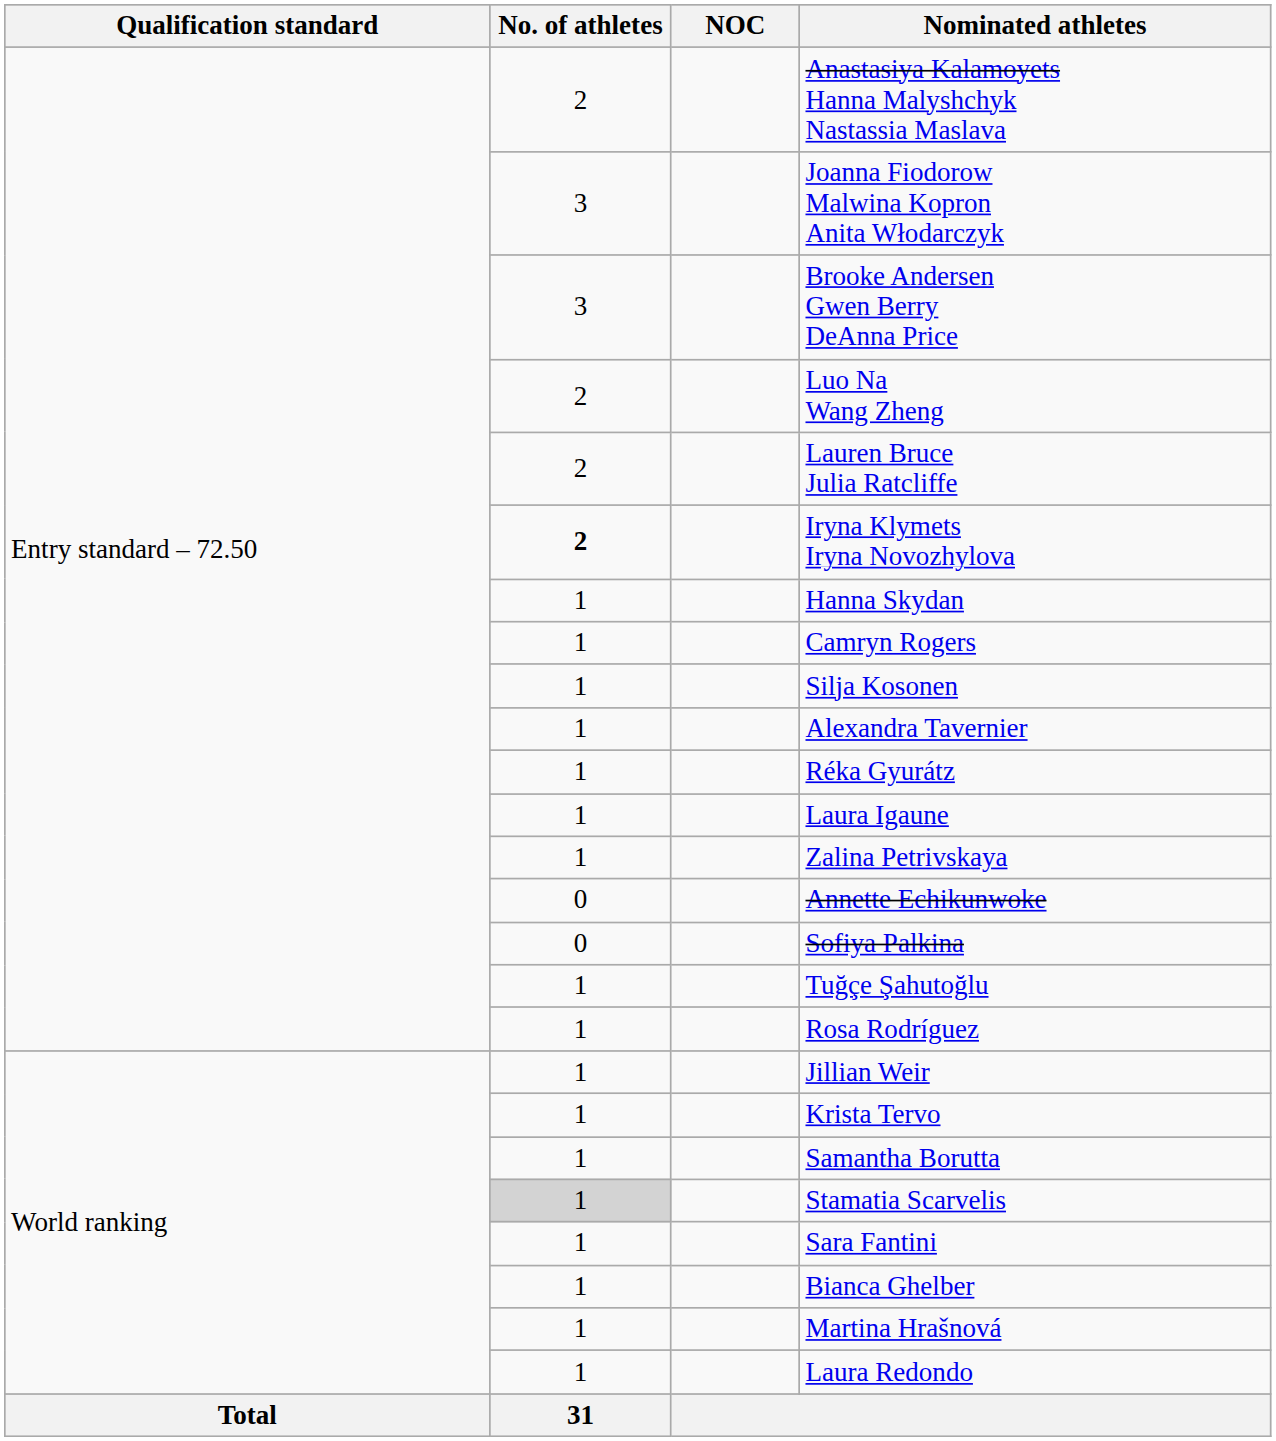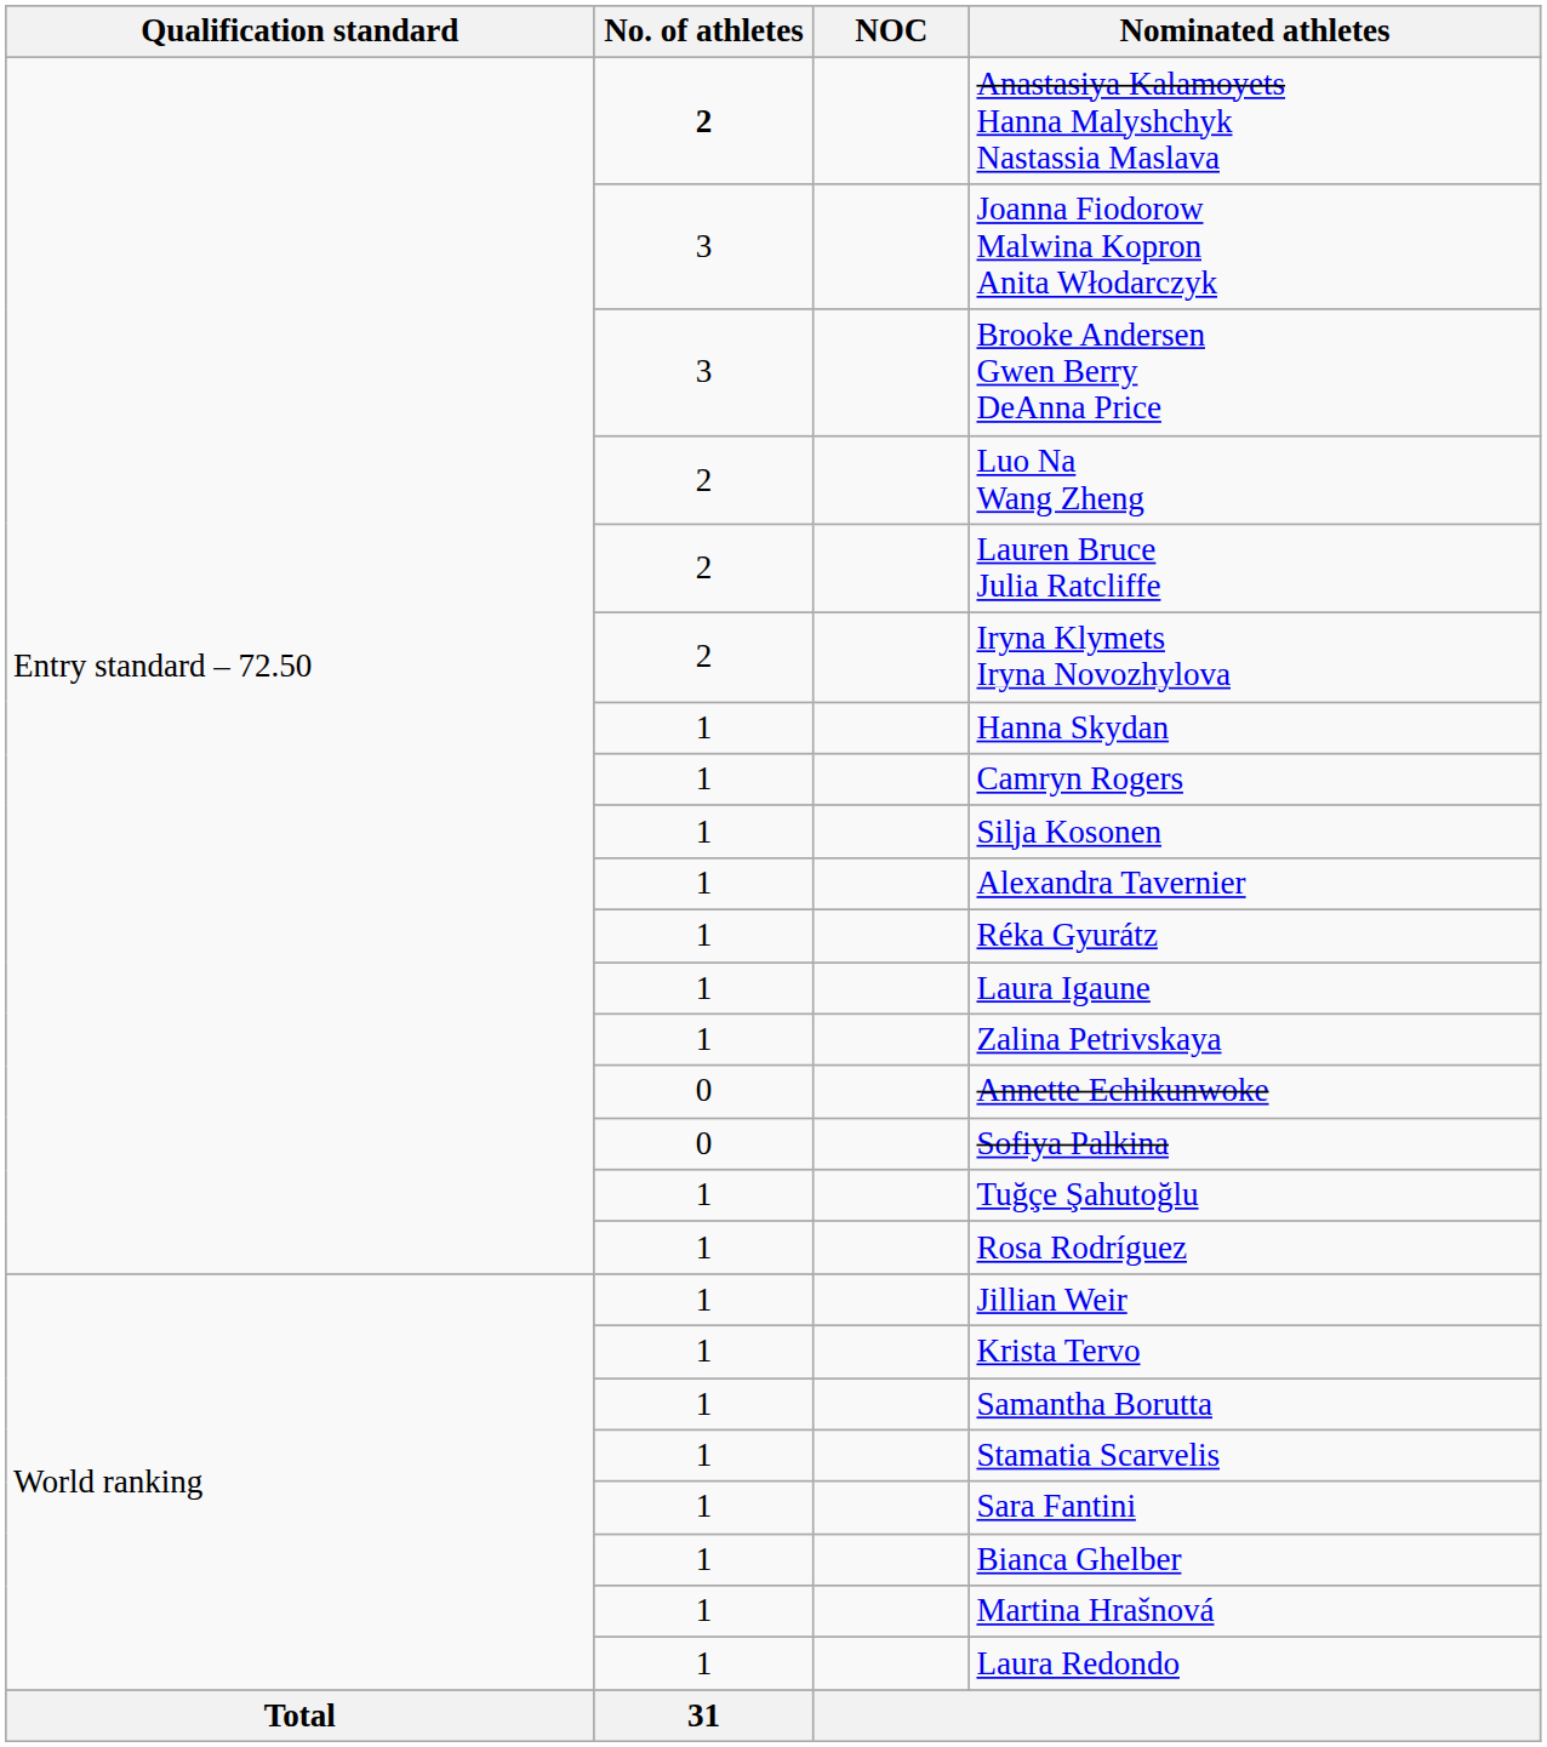 <table class="wikitable" style="text-align:left; width:750px;">
 <tr>
 <th>Qualification standard</th>
 <th width=100>No. of athletes</th>
 <th>NOC</th>
 <th>Nominated athletes</th>
 </tr>
 <tr>
 <td rowspan=17>Entry standard – 72.50</td>
-<td align=center>2</td>
+<td align=center><strong>2</strong></td>
 <td></td>
 <td><s><a href='#'>Anastasiya Kalamoyets</a></s><br><a href='#'>Hanna Malyshchyk</a><br><a href='#'>Nastassia Maslava</a></td>
 </tr>
 <tr>
 <td align=center>3</td>
 <td></td>
 <td><a href='#'>Joanna Fiodorow</a><br><a href='#'>Malwina Kopron</a><br><a href='#'>Anita Włodarczyk</a></td>
 </tr>
 <tr>
 <td align="center">3</td>
 <td></td>
 <td><a href='#'>Brooke Andersen</a><br><a href='#'>Gwen Berry</a><br><a href='#'>DeAnna Price</a></td>
 </tr>
 <tr>
 <td align=center>2</td>
 <td></td>
 <td><a href='#'>Luo Na</a><br><a href='#'>Wang Zheng</a></td>
 </tr>
 <tr>
 <td align=center>2</td>
 <td></td>
 <td><a href='#'>Lauren Bruce</a><br><a href='#'>Julia Ratcliffe</a></td>
 </tr>
 <tr>
-<td align=center><strong>2</strong></td>
+<td align=center>2</td>
 <td></td>
 <td><a href='#'>Iryna Klymets</a><br><a href='#'>Iryna Novozhylova</a></td>
 </tr>
 <tr>
 <td align=center>1</td>
 <td></td>
 <td><a href='#'>Hanna Skydan</a></td>
 </tr>
 <tr>
 <td align=center>1</td>
 <td></td>
 <td><a href='#'>Camryn Rogers</a></td>
 </tr>
 <tr>
 <td align=center>1</td>
 <td></td>
 <td><a href='#'>Silja Kosonen</a></td>
 </tr>
 <tr>
 <td align=center>1</td>
 <td></td>
 <td><a href='#'>Alexandra Tavernier</a></td>
 </tr>
 <tr>
 <td align=center>1</td>
 <td></td>
 <td><a href='#'>Réka Gyurátz</a></td>
 </tr>
 <tr>
 <td align=center>1</td>
 <td></td>
 <td><a href='#'>Laura Igaune</a></td>
 </tr>
 <tr>
 <td align=center>1</td>
 <td></td>
 <td><a href='#'>Zalina Petrivskaya</a></td>
 </tr>
 <tr>
 <td align=center>0</td>
 <td></td>
 <td><s><a href='#'>Annette Echikunwoke</a></s></td>
 </tr>
 <tr>
 <td align=center>0</td>
 <td></td>
 <td><s><a href='#'>Sofiya Palkina</a></s></td>
 </tr>
 <tr>
 <td align=center>1</td>
 <td></td>
 <td><a href='#'>Tuğçe Şahutoğlu</a></td>
 </tr>
 <tr>
 <td align=center>1</td>
 <td></td>
 <td><a href='#'>Rosa Rodríguez</a></td>
 </tr>
 <tr>
 <td rowspan=8>World ranking</td>
 <td align=center>1</td>
 <td></td>
 <td><a href='#'>Jillian Weir</a></td>
 </tr>
 <tr>
 <td align=center>1</td>
 <td></td>
 <td><a href='#'>Krista Tervo</a></td>
 </tr>
 <tr>
 <td align=center>1</td>
 <td></td>
 <td><a href='#'>Samantha Borutta</a></td>
 </tr>
 <tr>
-<td align=center style="background: lightgrey;">1</td>
+<td align=center>1</td>
 <td></td>
 <td><a href='#'>Stamatia Scarvelis</a></td>
 </tr>
 <tr>
 <td align=center>1</td>
 <td></td>
 <td><a href='#'>Sara Fantini</a></td>
 </tr>
 <tr>
 <td align=center>1</td>
 <td></td>
 <td><a href='#'>Bianca Ghelber</a></td>
 </tr>
 <tr>
 <td align=center>1</td>
 <td></td>
 <td><a href='#'>Martina Hrašnová</a></td>
 </tr>
 <tr>
 <td align=center>1</td>
 <td></td>
 <td><a href='#'>Laura Redondo</a></td>
 </tr>
 <tr>
 <th>Total</th>
 <th>31</th>
 <th colspan=2></th>
 </tr>
 </table>
